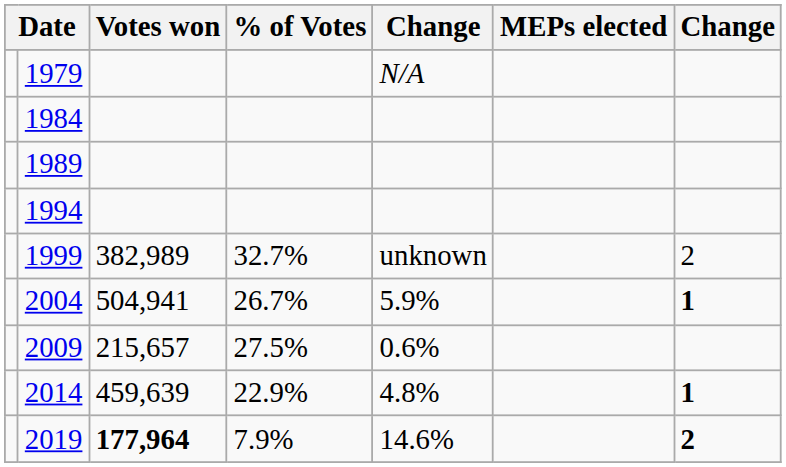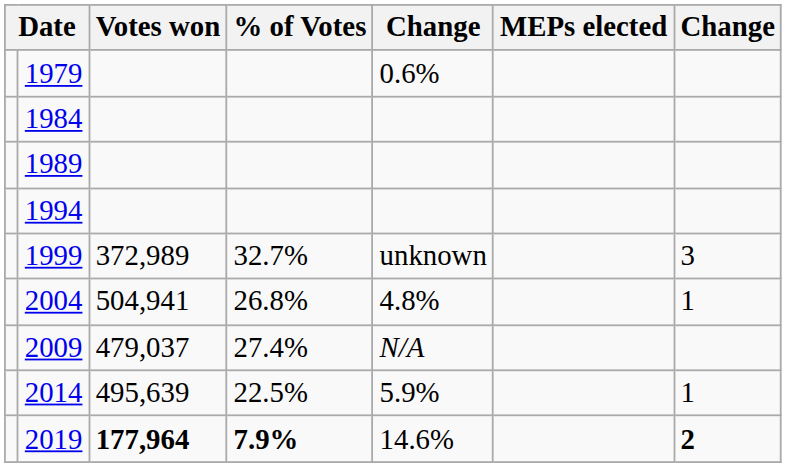 <table class="wikitable sortable" style="text-align: left">
 <tr>
 <th colspan="2">Date</th>
 <th>Votes won</th>
 <th>% of Votes</th>
 <th>Change</th>
 <th>MEPs elected</th>
 <th>Change</th>
 </tr>
 <tr>
 <td></td>
 <td><a href='#'>1979</a></td>
 <td></td>
 <td></td>
-<td><em>N/A</em></td>
+<td>0.6%</td>
 <td></td>
 <td></td>
 </tr>
 <tr>
 <td></td>
 <td><a href='#'>1984</a></td>
 <td></td>
 <td></td>
 <td></td>
 <td></td>
 <td></td>
 </tr>
 <tr>
 <td></td>
 <td><a href='#'>1989</a></td>
 <td></td>
 <td></td>
 <td></td>
 <td></td>
 <td></td>
 </tr>
 <tr>
 <td></td>
 <td><a href='#'>1994</a></td>
 <td></td>
 <td></td>
 <td></td>
 <td></td>
 <td></td>
 </tr>
 <tr>
 <td></td>
 <td><a href='#'>1999</a></td>
-<td>382,989</td>
+<td>372,989</td>
 <td>32.7%</td>
 <td>unknown</td>
 <td></td>
-<td>2</td>
+<td>3</td>
 </tr>
 <tr>
 <td></td>
 <td><a href='#'>2004</a></td>
 <td>504,941</td>
-<td>26.7%</td>
-<td>5.9%</td>
+<td>26.8%</td>
+<td>4.8%</td>
 <td></td>
-<td><strong>1</strong></td>
+<td>1</td>
 </tr>
 <tr>
 <td></td>
 <td><a href='#'>2009</a></td>
-<td>215,657</td>
-<td>27.5%</td>
-<td>0.6%</td>
+<td>479,037</td>
+<td>27.4%</td>
+<td><em>N/A</em></td>
 <td></td>
 <td></td>
 </tr>
 <tr>
 <td></td>
 <td><a href='#'>2014</a></td>
-<td>459,639</td>
-<td>22.9%</td>
-<td>4.8%</td>
+<td>495,639</td>
+<td>22.5%</td>
+<td>5.9%</td>
 <td></td>
-<td><strong>1</strong></td>
+<td>1</td>
 </tr>
 <tr>
 <td></td>
 <td><a href='#'>2019</a></td>
 <td><strong>177,964</strong></td>
-<td>7.9%</td>
+<td><strong>7.9%</strong></td>
 <td>14.6%</td>
 <td></td>
 <td><strong>2</strong></td>
 </tr>
 </table>
